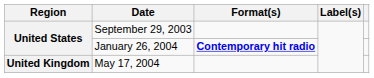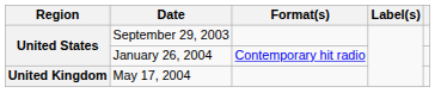 <table class="wikitable plainrowheaders">
 <tr>
 <th scope="col">Region</th>
 <th scope="col">Date</th>
 <th scope="col">Format(s)</th>
 <th scope="col">Label(s)</th>
 <th scope="col"></th>
 </tr>
 <tr>
 <th scope="row" rowspan="2">United States</th>
 <td>September 29, 2003</td>
 <td></td>
 <td rowspan="3"></td>
 <td></td>
 </tr>
 <tr>
 <td>January 26, 2004</td>
-<td><strong><a href='#'>Contemporary hit radio</a></strong></td>
+<td><a href='#'>Contemporary hit radio</a></td>
 <td></td>
 </tr>
 <tr>
 <th scope="row">United Kingdom</th>
 <td>May 17, 2004</td>
 <td></td>
 <td></td>
 </tr>
 </table>
